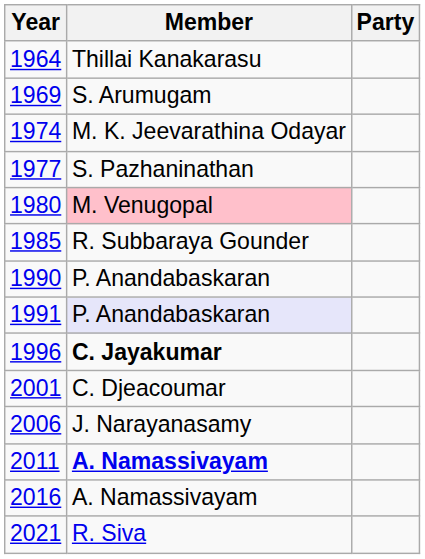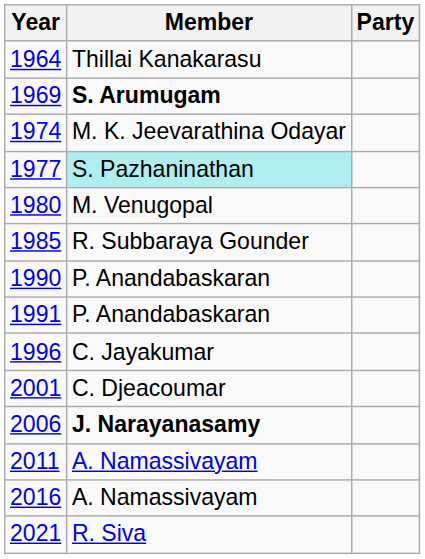 <table class="wikitable sortable">
 <tr>
 <th>Year</th>
 <th>Member</th>
 <th colspan=2>Party</th>
 </tr>
 <tr>
 <td><a href='#'>1964</a></td>
 <td>Thillai Kanakarasu</td>
 <td></td>
 </tr>
 <tr>
 <td><a href='#'>1969</a></td>
-<td>S. Arumugam</td>
+<td><strong>S. Arumugam</strong></td>
 <td></td>
 </tr>
 <tr>
 <td><a href='#'>1974</a></td>
 <td>M. K. Jeevarathina Odayar</td>
 <td></td>
 </tr>
 <tr>
 <td><a href='#'>1977</a></td>
-<td>S. Pazhaninathan</td>
+<td style="background: paleturquoise;">S. Pazhaninathan</td>
 <td></td>
 </tr>
 <tr>
 <td><a href='#'>1980</a></td>
-<td style="background: pink;">M. Venugopal</td>
+<td>M. Venugopal</td>
 <td></td>
 </tr>
 <tr>
 <td><a href='#'>1985</a></td>
 <td>R. Subbaraya Gounder</td>
 <td></td>
 </tr>
 <tr>
 <td><a href='#'>1990</a></td>
 <td>P. Anandabaskaran</td>
 <td></td>
 </tr>
 <tr>
 <td><a href='#'>1991</a></td>
-<td style="background: lavender;">P. Anandabaskaran</td>
+<td>P. Anandabaskaran</td>
 <td></td>
 </tr>
 <tr>
 <td><a href='#'>1996</a></td>
-<td><strong>C. Jayakumar</strong></td>
+<td>C. Jayakumar</td>
 <td></td>
 </tr>
 <tr>
 <td><a href='#'>2001</a></td>
 <td>C. Djeacoumar</td>
 <td></td>
 </tr>
 <tr>
 <td><a href='#'>2006</a></td>
-<td>J. Narayanasamy</td>
+<td><strong>J. Narayanasamy</strong></td>
 <td></td>
 </tr>
 <tr>
 <td><a href='#'>2011</a></td>
-<td><strong><a href='#'>A. Namassivayam</a></strong></td>
+<td><a href='#'>A. Namassivayam</a></td>
 <td></td>
 </tr>
 <tr>
 <td><a href='#'>2016</a></td>
 <td>A. Namassivayam</td>
 <td></td>
 </tr>
 <tr>
 <td><a href='#'>2021</a></td>
 <td><a href='#'>R. Siva</a></td>
 <td></td>
 </tr>
 </table>
